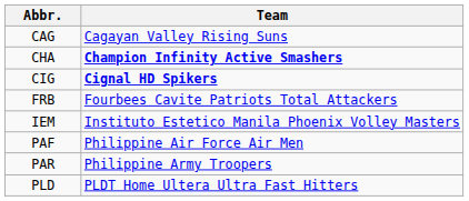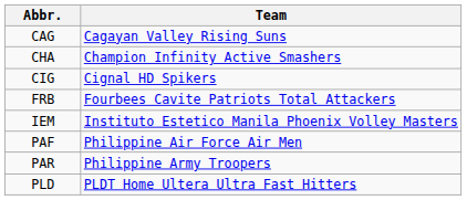 <table class="wikitable" style="text-align: center;">
 <tr>
 <th width=70>Abbr.</th>
 <th>Team</th>
 </tr>
 <tr>
 <td>CAG</td>
 <td align=left><a href='#'>Cagayan Valley Rising Suns</a></td>
 </tr>
 <tr>
 <td>CHA</td>
-<td align=left><strong><a href='#'>Champion Infinity Active Smashers</a></strong></td>
+<td align=left><a href='#'>Champion Infinity Active Smashers</a></td>
 </tr>
 <tr>
 <td>CIG</td>
-<td align=left><strong><a href='#'>Cignal HD Spikers</a></strong></td>
+<td align=left><a href='#'>Cignal HD Spikers</a></td>
 </tr>
 <tr>
 <td>FRB</td>
 <td align=left><a href='#'>Fourbees Cavite Patriots Total Attackers</a></td>
 </tr>
 <tr>
 <td>IEM</td>
 <td align=left><a href='#'>Instituto Estetico Manila Phoenix Volley Masters</a></td>
 </tr>
 <tr>
 <td>PAF</td>
 <td align=left><a href='#'>Philippine Air Force Air Men</a></td>
 </tr>
 <tr>
 <td>PAR</td>
 <td align=left><a href='#'>Philippine Army Troopers</a></td>
 </tr>
 <tr>
 <td>PLD</td>
 <td align=left><a href='#'>PLDT Home Ultera Ultra Fast Hitters</a></td>
 </tr>
 </table>
